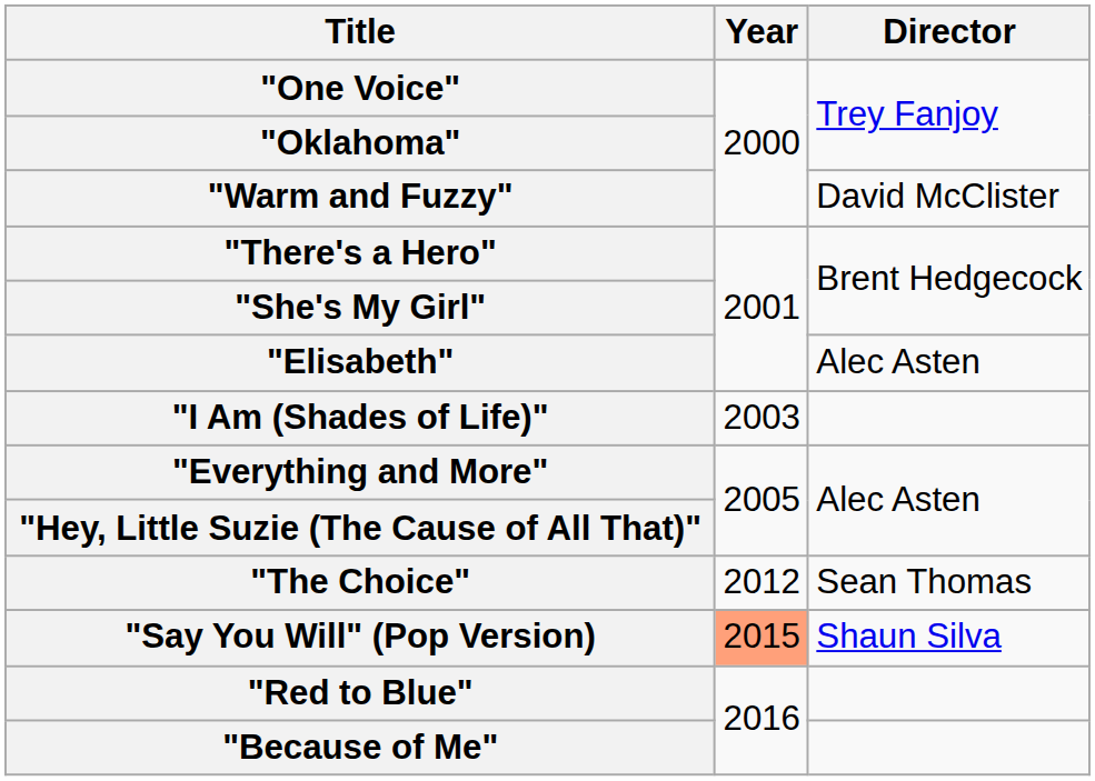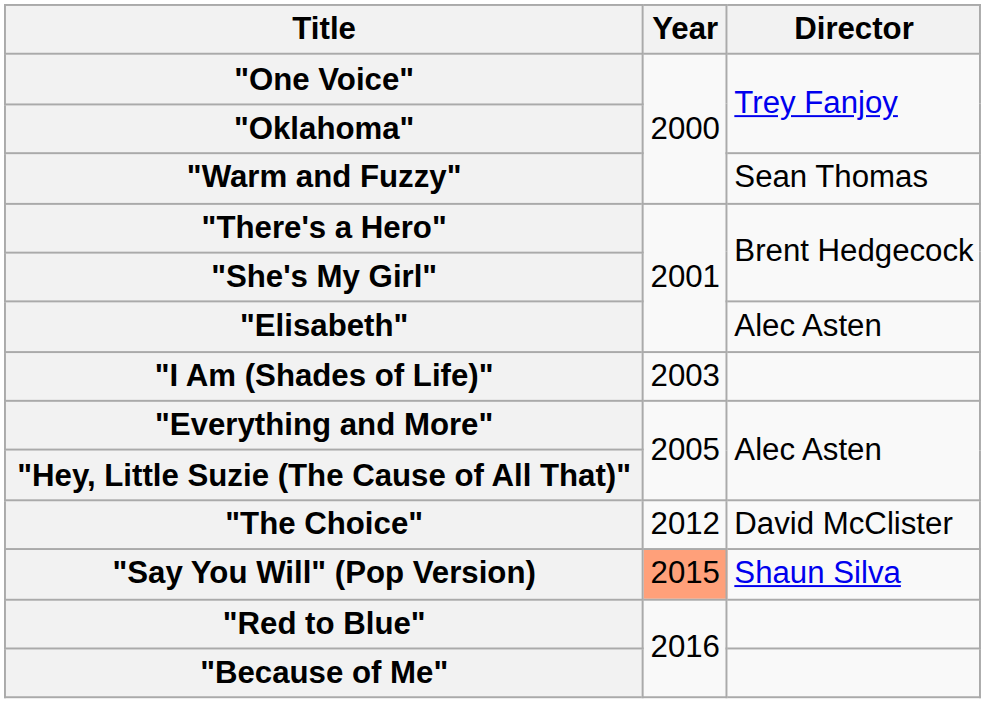 <table class="wikitable plainrowheaders">
 <tr>
 <th style="width:20em;">Title</th>
 <th>Year</th>
 <th>Director</th>
 </tr>
 <tr>
 <th scope="row">"One Voice"</th>
 <td rowspan="3">2000</td>
 <td rowspan="2"><a href='#'>Trey Fanjoy</a></td>
 </tr>
 <tr>
 <th scope="row">"Oklahoma"</th>
 </tr>
 <tr>
 <th scope="row">"Warm and Fuzzy"</th>
-<td>David McClister</td>
+<td>Sean Thomas</td>
 </tr>
 <tr>
 <th scope="row">"There's a Hero"</th>
 <td rowspan="3">2001</td>
 <td rowspan="2">Brent Hedgecock</td>
 </tr>
 <tr>
 <th scope="row">"She's My Girl"</th>
 </tr>
 <tr>
 <th scope="row">"Elisabeth"</th>
 <td>Alec Asten</td>
 </tr>
 <tr>
 <th scope="row">"I Am (Shades of Life)"</th>
 <td>2003</td>
 <td></td>
 </tr>
 <tr>
 <th scope="row">"Everything and More"</th>
 <td rowspan="2">2005</td>
 <td rowspan="2">Alec Asten</td>
 </tr>
 <tr>
 <th scope="row">"Hey, Little Suzie (The Cause of All That)"</th>
 </tr>
 <tr>
 <th scope="row">"The Choice"</th>
 <td>2012</td>
-<td>Sean Thomas</td>
+<td>David McClister</td>
 </tr>
 <tr>
 <th scope="row">"Say You Will" (Pop Version)</th>
 <td style="background: lightsalmon;">2015</td>
 <td><a href='#'>Shaun Silva</a></td>
 </tr>
 <tr>
 <th scope="row">"Red to Blue"</th>
 <td rowspan="2">2016</td>
 <td></td>
 </tr>
 <tr>
 <th scope="row">"Because of Me"</th>
 <td></td>
 </tr>
 </table>
